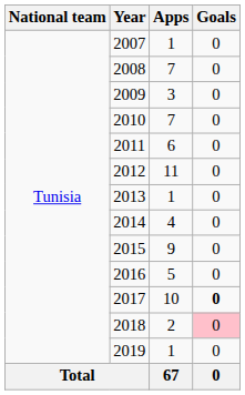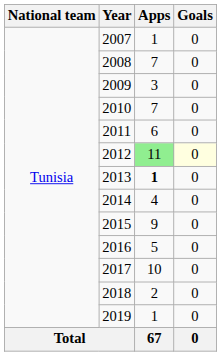 <table class="wikitable" style="text-align:center">
 <tr>
 <th>National team</th>
 <th>Year</th>
 <th>Apps</th>
 <th>Goals</th>
 </tr>
 <tr>
 <td rowspan="13"><a href='#'>Tunisia</a></td>
 <td>2007</td>
 <td>1</td>
 <td>0</td>
 </tr>
 <tr>
 <td>2008</td>
 <td>7</td>
 <td>0</td>
 </tr>
 <tr>
 <td>2009</td>
 <td>3</td>
 <td>0</td>
 </tr>
 <tr>
 <td>2010</td>
 <td>7</td>
 <td>0</td>
 </tr>
 <tr>
 <td>2011</td>
 <td>6</td>
 <td>0</td>
 </tr>
 <tr>
 <td>2012</td>
-<td>11</td>
-<td>0</td>
+<td style="background: lightgreen;">11</td>
+<td style="background: lightyellow;">0</td>
 </tr>
 <tr>
 <td>2013</td>
-<td>1</td>
+<td><strong>1</strong></td>
 <td>0</td>
 </tr>
 <tr>
 <td>2014</td>
 <td>4</td>
 <td>0</td>
 </tr>
 <tr>
 <td>2015</td>
 <td>9</td>
 <td>0</td>
 </tr>
 <tr>
 <td>2016</td>
 <td>5</td>
 <td>0</td>
 </tr>
 <tr>
 <td>2017</td>
 <td>10</td>
-<td><strong>0</strong></td>
+<td>0</td>
 </tr>
 <tr>
 <td>2018</td>
 <td>2</td>
-<td style="background: pink;">0</td>
+<td>0</td>
 </tr>
 <tr>
 <td>2019</td>
 <td>1</td>
 <td>0</td>
 </tr>
 <tr>
 <th colspan="2">Total</th>
 <th>67</th>
 <th>0</th>
 </tr>
 </table>
